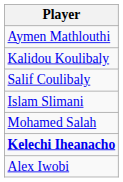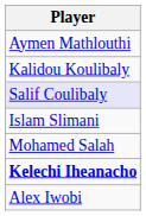 <table class="wikitable">
 <tr>
 <th>Player</th>
 </tr>
 <tr>
 <td> <a href='#'>Aymen Mathlouthi</a></td>
 </tr>
 <tr>
 <td> <a href='#'>Kalidou Koulibaly</a></td>
 </tr>
 <tr>
-<td> <a href='#'>Salif Coulibaly</a></td>
+<td style="background: lavender;"> <a href='#'>Salif Coulibaly</a></td>
 </tr>
 <tr>
 <td> <a href='#'>Islam Slimani</a></td>
 </tr>
 <tr>
 <td> <a href='#'>Mohamed Salah</a></td>
 </tr>
 <tr>
 <td><strong> <a href='#'>Kelechi Iheanacho</a></strong></td>
 </tr>
 <tr>
 <td> <a href='#'>Alex Iwobi</a></td>
 </tr>
 </table>
